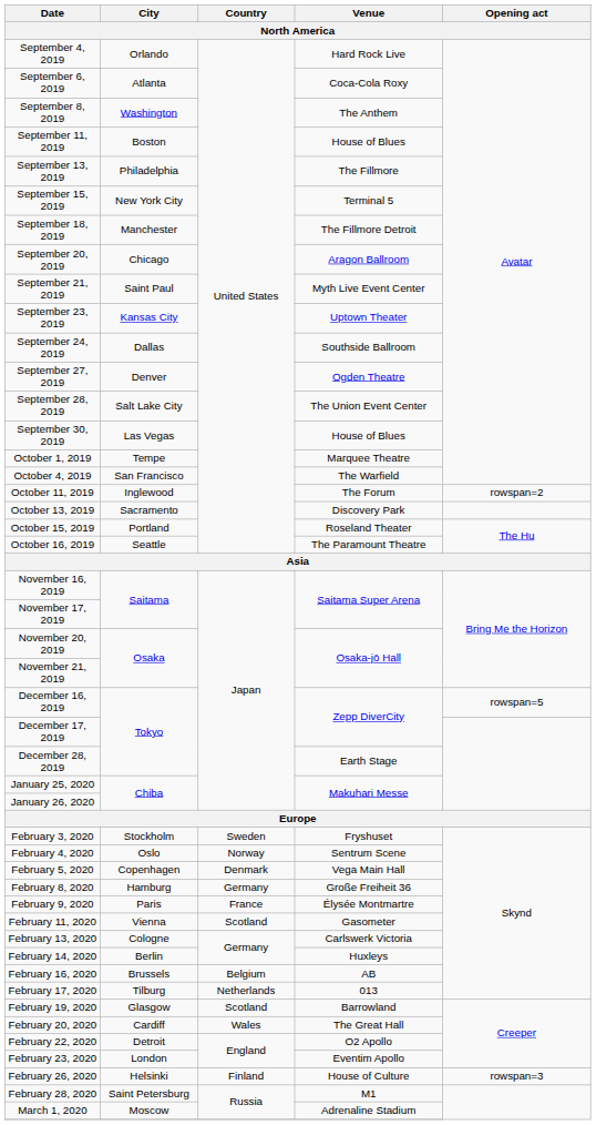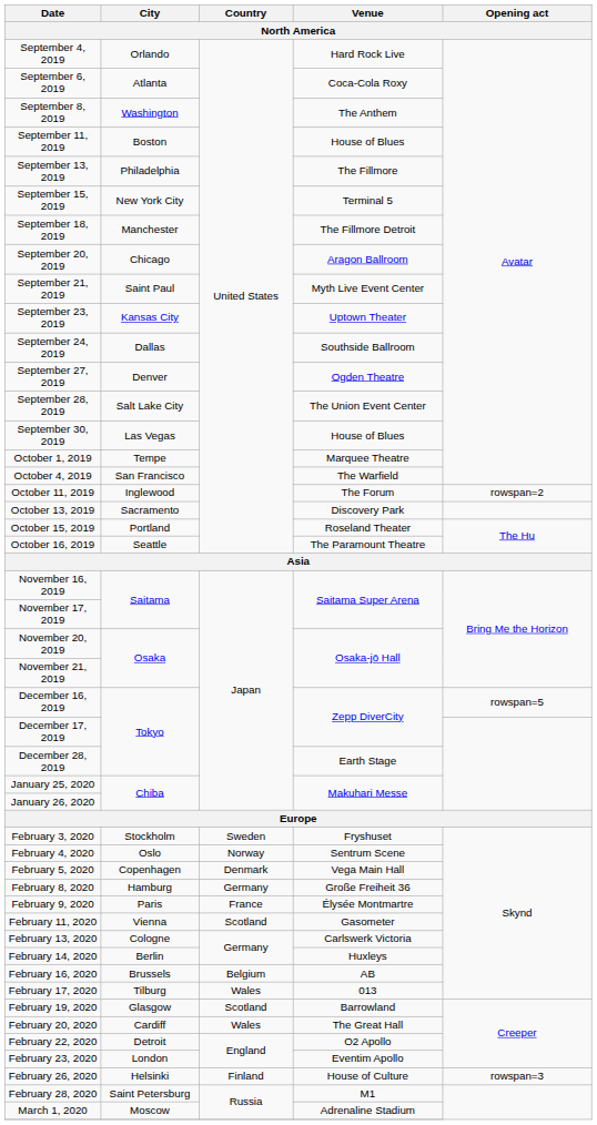 <table class="wikitable collapsible collapsed" style="text-align:center;">
 <tr>
 <th style="width:150px;">Date</th>
 <th style="width:150px;">City</th>
 <th style="width:150px;">Country</th>
 <th style="width:250px;">Venue</th>
 <th style="width:250px;">Opening act</th>
 </tr>
 <tr>
 <th colspan=5><strong>North America</strong></th>
 </tr>
 <tr>
 <td>September 4, 2019</td>
 <td>Orlando</td>
 <td rowspan=20>United States</td>
 <td>Hard Rock Live</td>
 <td rowspan=16><a href='#'>Avatar</a></td>
 </tr>
 <tr>
 <td>September 6, 2019</td>
 <td>Atlanta</td>
 <td>Coca-Cola Roxy</td>
 </tr>
 <tr>
 <td>September 8, 2019</td>
 <td><a href='#'>Washington</a></td>
 <td>The Anthem</td>
 </tr>
 <tr>
 <td>September 11, 2019</td>
 <td>Boston</td>
 <td>House of Blues</td>
 </tr>
 <tr>
 <td>September 13, 2019</td>
 <td>Philadelphia</td>
 <td>The Fillmore</td>
 </tr>
 <tr>
 <td>September 15, 2019</td>
 <td>New York City</td>
 <td>Terminal 5</td>
 </tr>
 <tr>
 <td>September 18, 2019</td>
 <td>Manchester</td>
 <td>The Fillmore Detroit</td>
 </tr>
 <tr>
 <td>September 20, 2019</td>
 <td>Chicago</td>
 <td><a href='#'>Aragon Ballroom</a></td>
 </tr>
 <tr>
 <td>September 21, 2019</td>
 <td>Saint Paul</td>
 <td>Myth Live Event Center</td>
 </tr>
 <tr>
 <td>September 23, 2019</td>
 <td><a href='#'>Kansas City</a></td>
 <td><a href='#'>Uptown Theater</a></td>
 </tr>
 <tr>
 <td>September 24, 2019</td>
 <td>Dallas</td>
 <td>Southside Ballroom</td>
 </tr>
 <tr>
 <td>September 27, 2019</td>
 <td>Denver</td>
 <td><a href='#'>Ogden Theatre</a></td>
 </tr>
 <tr>
 <td>September 28, 2019</td>
 <td>Salt Lake City</td>
 <td>The Union Event Center</td>
 </tr>
 <tr>
 <td>September 30, 2019</td>
 <td>Las Vegas</td>
 <td>House of Blues</td>
 </tr>
 <tr>
 <td>October 1, 2019</td>
 <td>Tempe</td>
 <td>Marquee Theatre</td>
 </tr>
 <tr>
 <td>October 4, 2019</td>
 <td>San Francisco</td>
 <td>The Warfield</td>
 </tr>
 <tr>
 <td>October 11, 2019</td>
 <td>Inglewood</td>
 <td>The Forum</td>
 <td>rowspan=2 </td>
 </tr>
 <tr>
 <td>October 13, 2019</td>
 <td>Sacramento</td>
 <td>Discovery Park</td>
 </tr>
 <tr>
 <td>October 15, 2019</td>
 <td>Portland</td>
 <td>Roseland Theater</td>
 <td rowspan=2><a href='#'>The Hu</a></td>
 </tr>
 <tr>
 <td>October 16, 2019</td>
 <td>Seattle</td>
 <td>The Paramount Theatre</td>
 </tr>
 <tr>
 <th colspan=5><strong>Asia</strong></th>
 </tr>
 <tr>
 <td>November 16, 2019</td>
 <td rowspan=2><a href='#'>Saitama</a></td>
 <td rowspan=9>Japan</td>
 <td rowspan=2><a href='#'>Saitama Super Arena</a></td>
 <td rowspan=4><a href='#'>Bring Me the Horizon</a></td>
 </tr>
 <tr>
 <td>November 17, 2019</td>
 </tr>
 <tr>
 <td>November 20, 2019</td>
 <td rowspan=2><a href='#'>Osaka</a></td>
 <td rowspan=2><a href='#'>Osaka-jō Hall</a></td>
 </tr>
 <tr>
 <td>November 21, 2019</td>
 </tr>
 <tr>
 <td>December 16, 2019</td>
 <td rowspan=3><a href='#'>Tokyo</a></td>
 <td rowspan=2><a href='#'>Zepp DiverCity</a></td>
 <td>rowspan=5 </td>
 </tr>
 <tr>
 <td>December 17, 2019</td>
 </tr>
 <tr>
 <td>December 28, 2019</td>
 <td>Earth Stage</td>
 </tr>
 <tr>
 <td>January 25, 2020</td>
 <td rowspan=2><a href='#'>Chiba</a></td>
 <td rowspan=2><a href='#'>Makuhari Messe</a></td>
 </tr>
 <tr>
 <td>January 26, 2020</td>
 </tr>
 <tr>
 <th colspan=5><strong>Europe</strong></th>
 </tr>
 <tr>
 <td>February 3, 2020</td>
 <td>Stockholm</td>
 <td>Sweden</td>
 <td>Fryshuset</td>
 <td rowspan=10>Skynd</td>
 </tr>
 <tr>
 <td>February 4, 2020</td>
 <td>Oslo</td>
 <td>Norway</td>
 <td>Sentrum Scene</td>
 </tr>
 <tr>
 <td>February 5, 2020</td>
 <td>Copenhagen</td>
 <td>Denmark</td>
 <td>Vega Main Hall</td>
 </tr>
 <tr>
 <td>February 8, 2020</td>
 <td>Hamburg</td>
 <td>Germany</td>
 <td>Große Freiheit 36</td>
 </tr>
 <tr>
 <td>February 9, 2020</td>
 <td>Paris</td>
 <td>France</td>
 <td>Élysée Montmartre</td>
 </tr>
 <tr>
 <td>February 11, 2020</td>
 <td>Vienna</td>
 <td>Scotland</td>
 <td>Gasometer</td>
 </tr>
 <tr>
 <td>February 13, 2020</td>
 <td>Cologne</td>
 <td rowspan=2>Germany</td>
 <td>Carlswerk Victoria</td>
 </tr>
 <tr>
 <td>February 14, 2020</td>
 <td>Berlin</td>
 <td>Huxleys</td>
 </tr>
 <tr>
 <td>February 16, 2020</td>
 <td>Brussels</td>
 <td>Belgium</td>
 <td>AB</td>
 </tr>
 <tr>
 <td>February 17, 2020</td>
 <td>Tilburg</td>
-<td>Netherlands</td>
+<td>Wales</td>
 <td>013</td>
 </tr>
 <tr>
 <td>February 19, 2020</td>
 <td>Glasgow</td>
 <td>Scotland</td>
 <td>Barrowland</td>
 <td rowspan=4><a href='#'>Creeper</a></td>
 </tr>
 <tr>
 <td>February 20, 2020</td>
 <td>Cardiff</td>
 <td>Wales</td>
 <td>The Great Hall</td>
 </tr>
 <tr>
 <td>February 22, 2020</td>
 <td>Detroit</td>
 <td rowspan="2">England</td>
 <td>O2 Apollo</td>
 </tr>
 <tr>
 <td>February 23, 2020</td>
 <td>London</td>
 <td>Eventim Apollo</td>
 </tr>
 <tr>
 <td>February 26, 2020</td>
 <td>Helsinki</td>
 <td>Finland</td>
 <td>House of Culture</td>
 <td>rowspan=3 </td>
 </tr>
 <tr>
 <td>February 28, 2020</td>
 <td>Saint Petersburg</td>
 <td rowspan=2>Russia</td>
 <td>M1</td>
 </tr>
 <tr>
 <td>March 1, 2020</td>
 <td>Moscow</td>
 <td>Adrenaline Stadium</td>
 </tr>
 <tr>
 </tr>
 </table>
